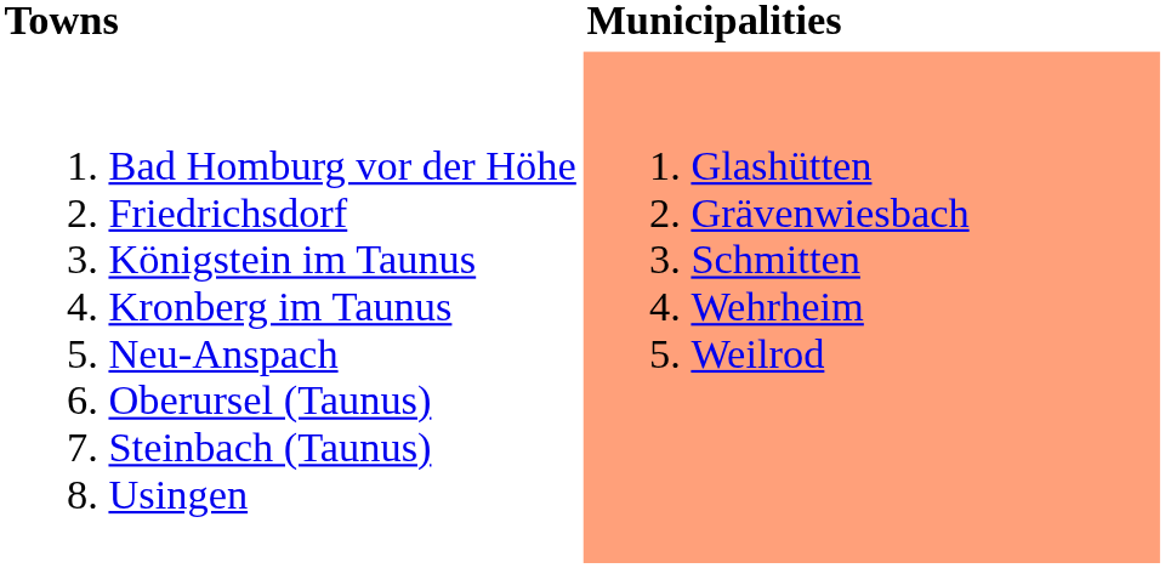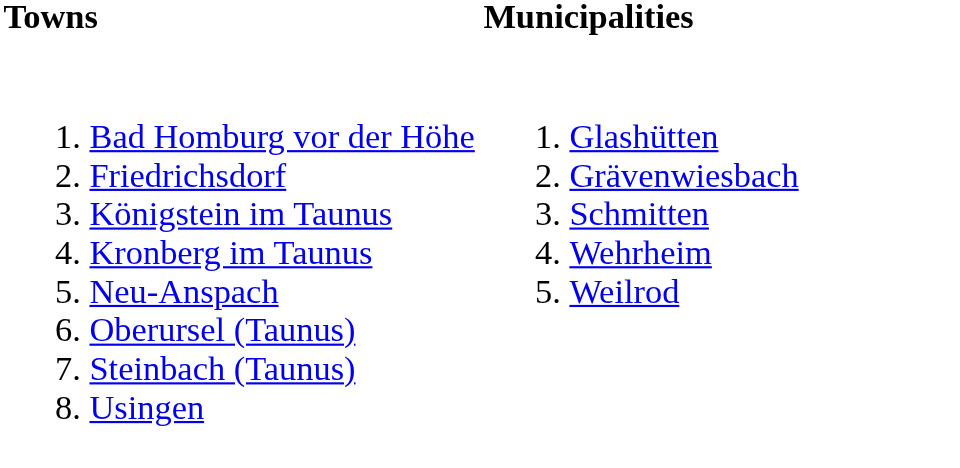 <table>
 <tr>
 <th width=50% align=left>Towns</th>
 <th width=50% align=left>Municipalities</th>
 </tr>
 <tr valign=top>
 <td><br><ol><li><a href='#'>Bad Homburg vor der Höhe</a></li><li><a href='#'>Friedrichsdorf</a></li><li><a href='#'>Königstein im Taunus</a></li><li><a href='#'>Kronberg im Taunus</a></li><li><a href='#'>Neu-Anspach</a></li><li><a href='#'>Oberursel (Taunus)</a></li><li><a href='#'>Steinbach (Taunus)</a></li><li><a href='#'>Usingen</a></li></ol></td>
-<td style="background: lightsalmon;"><br><ol><li><a href='#'>Glashütten</a></li><li><a href='#'>Grävenwiesbach</a></li><li><a href='#'>Schmitten</a></li><li><a href='#'>Wehrheim</a></li><li><a href='#'>Weilrod</a></li></ol></td>
+<td><br><ol><li><a href='#'>Glashütten</a></li><li><a href='#'>Grävenwiesbach</a></li><li><a href='#'>Schmitten</a></li><li><a href='#'>Wehrheim</a></li><li><a href='#'>Weilrod</a></li></ol></td>
 </tr>
 </table>
